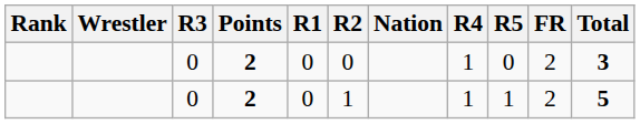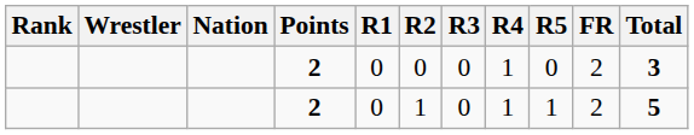 <table class="wikitable sortable" style="text-align:center;">
 <tr>
 <th>Rank</th>
 <th>Wrestler</th>
-<th>R3</th>
+<th>Nation</th>
 <th>Points</th>
 <th>R1</th>
 <th>R2</th>
-<th>Nation</th>
+<th>R3</th>
 <th>R4</th>
 <th>R5</th>
 <th>FR</th>
 <th>Total</th>
 </tr>
 <tr>
 <td></td>
 <td align=left></td>
-<td>0</td>
+<td align=left></td>
 <td><strong>2</strong></td>
 <td>0</td>
 <td>0</td>
-<td align=left></td>
+<td>0</td>
 <td>1</td>
 <td>0</td>
 <td>2</td>
 <td><strong>3</strong></td>
 </tr>
 <tr>
 <td></td>
 <td align=left></td>
-<td>0</td>
+<td align=left></td>
 <td><strong>2</strong></td>
 <td>0</td>
 <td>1</td>
-<td align=left></td>
+<td>0</td>
 <td>1</td>
 <td>1</td>
 <td>2</td>
 <td><strong>5</strong></td>
 </tr>
 </table>
